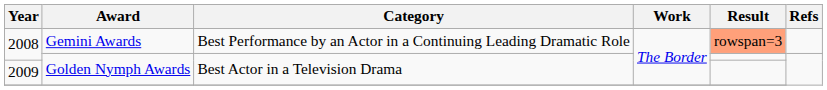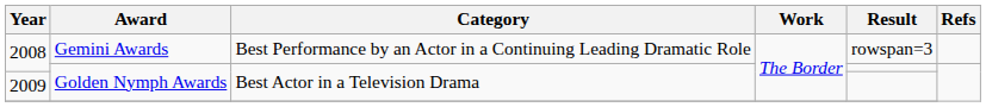 <table class="wikitable sortable">
 <tr>
 <th>Year</th>
 <th>Award</th>
 <th>Category</th>
 <th>Work</th>
 <th>Result</th>
 <th class="unsortable">Refs</th>
 </tr>
 <tr>
 <td rowspan=2>2008</td>
 <td><a href='#'>Gemini Awards</a></td>
 <td>Best Performance by an Actor in a Continuing Leading Dramatic Role</td>
 <td rowspan=3><a href='#'><em>The Border</em></a></td>
-<td style="background: lightsalmon;">rowspan=3 </td>
+<td>rowspan=3 </td>
 <td></td>
 </tr>
 <tr>
 <td rowspan=2><a href='#'>Golden Nymph Awards</a></td>
 <td rowspan=2>Best Actor in a Television Drama</td>
 <td></td>
 </tr>
 <tr>
 <td>2009</td>
 <td></td>
 </tr>
 <tr>
 </tr>
 </table>
